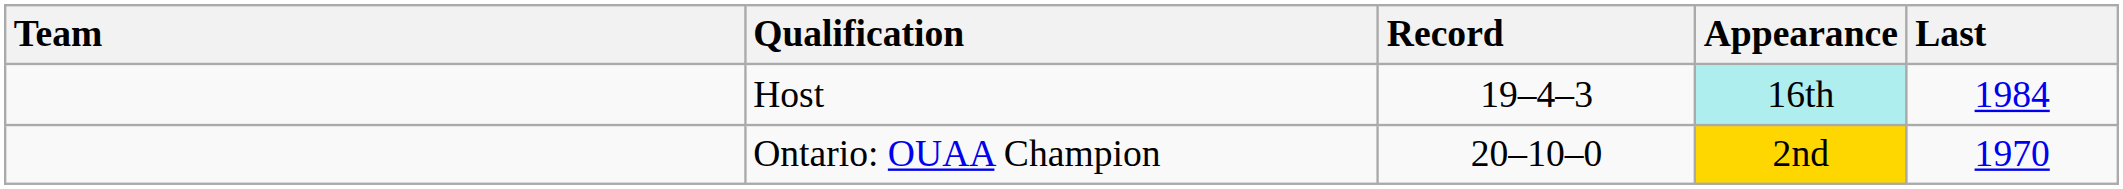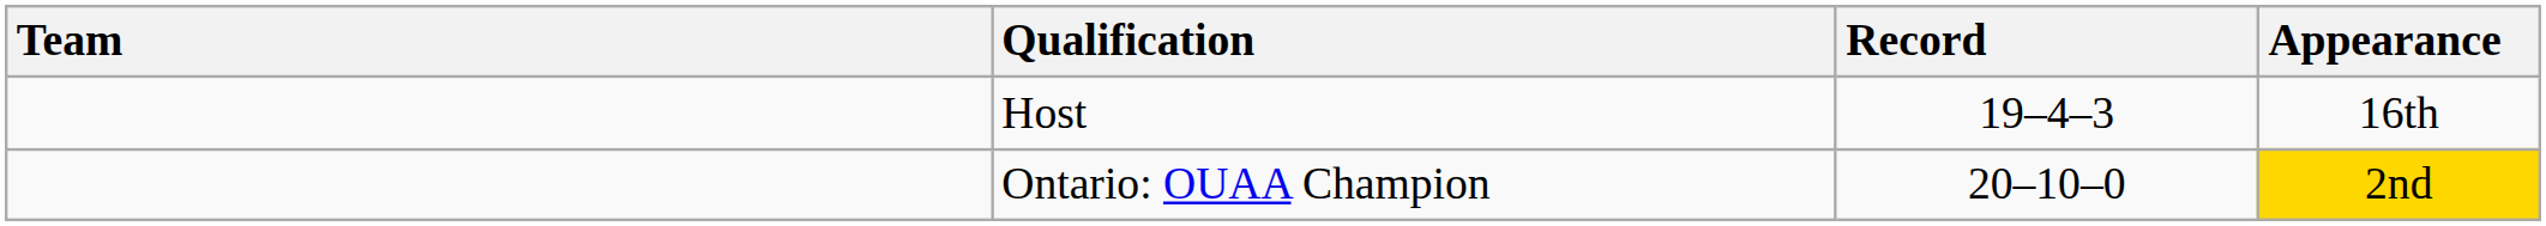 <table class="wikitable sortable" style="text-align: center;" width=900>
 <tr bgcolor="#efefef" style="text-align:center">
 <th style="text-align:left" width=35%>Team</th>
 <th style="text-align:left" width=30%>Qualification</th>
 <th style="text-align:left" width=15%>Record</th>
 <th style="text-align:left" width=10%>Appearance</th>
-<th style="text-align:left" width=10%>Last</th>
 </tr>
 <tr style="text-align:center">
 <td style="text-align:left; "><a href='#'></a></td>
 <td style="text-align:left">Host</td>
 <td style="text-align:center">19–4–3</td>
-<td style="background: paleturquoise; text-align:center">16th</td>
-<td style="text-align:center"><a href='#'>1984</a></td>
+<td style="text-align:center">16th</td>
 </tr>
 <tr style="text-align:center">
 <td style="text-align:left; "><a href='#'></a></td>
 <td style="text-align:left">Ontario: <a href='#'>OUAA</a> Champion</td>
 <td style="text-align:center">20–10–0</td>
 <td style="background: gold; text-align:center">2nd</td>
-<td style="text-align:center"><a href='#'>1970</a></td>
 </tr>
 </table>
